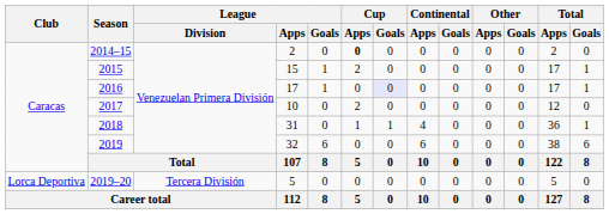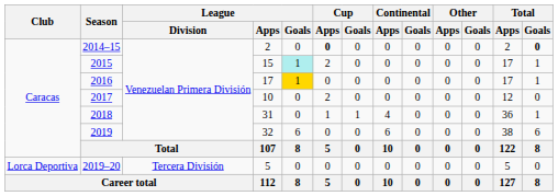 <table class="wikitable" style="text-align: center">
 <tr>
 <th rowspan="2">Club</th>
 <th rowspan="2">Season</th>
 <th colspan="3">League</th>
 <th colspan="2">Cup</th>
 <th colspan="2">Continental</th>
 <th colspan="2">Other</th>
 <th colspan="2">Total</th>
 </tr>
 <tr>
 <th>Division</th>
 <th>Apps</th>
 <th>Goals</th>
 <th>Apps</th>
 <th>Goals</th>
 <th>Apps</th>
 <th>Goals</th>
 <th>Apps</th>
 <th>Goals</th>
 <th>Apps</th>
 <th>Goals</th>
 </tr>
 <tr>
 <td rowspan="7"><a href='#'>Caracas</a></td>
 <td><a href='#'>2014–15</a></td>
 <td rowspan="6"><a href='#'>Venezuelan Primera División</a></td>
 <td>2</td>
 <td>0</td>
 <td><strong>0</strong></td>
 <td>0</td>
 <td>0</td>
 <td>0</td>
 <td>0</td>
 <td>0</td>
 <td>2</td>
-<td>0</td>
+<td><strong>0</strong></td>
 </tr>
 <tr>
 <td><a href='#'>2015</a></td>
 <td>15</td>
-<td>1</td>
+<td style="background: paleturquoise;">1</td>
 <td>2</td>
 <td>0</td>
 <td>0</td>
 <td>0</td>
 <td>0</td>
 <td>0</td>
 <td>17</td>
 <td>1</td>
 </tr>
 <tr>
 <td><a href='#'>2016</a></td>
 <td>17</td>
-<td>1</td>
+<td style="background: gold;">1</td>
 <td>0</td>
-<td style="background: lavender;">0</td>
+<td>0</td>
 <td>0</td>
 <td>0</td>
 <td>0</td>
 <td>0</td>
 <td>17</td>
 <td>1</td>
 </tr>
 <tr>
 <td><a href='#'>2017</a></td>
 <td>10</td>
 <td>0</td>
 <td>2</td>
 <td>0</td>
 <td>0</td>
 <td>0</td>
 <td>0</td>
 <td>0</td>
 <td>12</td>
 <td>0</td>
 </tr>
 <tr>
 <td><a href='#'>2018</a></td>
 <td>31</td>
 <td>0</td>
 <td>1</td>
 <td>1</td>
 <td>4</td>
 <td>0</td>
 <td>0</td>
 <td>0</td>
 <td>36</td>
 <td>1</td>
 </tr>
 <tr>
 <td><a href='#'>2019</a></td>
 <td>32</td>
 <td>6</td>
 <td>0</td>
 <td>0</td>
 <td>6</td>
 <td>0</td>
 <td>0</td>
 <td>0</td>
 <td>38</td>
 <td>6</td>
 </tr>
 <tr>
 <th colspan="2"><strong>Total</strong></th>
 <th>107</th>
 <th>8</th>
 <th>5</th>
 <th>0</th>
 <th>10</th>
 <th>0</th>
 <th>0</th>
 <th>0</th>
 <th>122</th>
 <th>8</th>
 </tr>
 <tr>
 <td><a href='#'>Lorca Deportiva</a></td>
 <td><a href='#'>2019–20</a></td>
 <td><a href='#'>Tercera División</a></td>
 <td>5</td>
 <td>0</td>
 <td>0</td>
 <td>0</td>
 <td>0</td>
 <td>0</td>
 <td>0</td>
 <td>0</td>
 <td>5</td>
 <td>0</td>
 </tr>
 <tr>
 <th colspan="3"><strong>Career total</strong></th>
 <th>112</th>
 <th>8</th>
 <th>5</th>
 <th>0</th>
 <th>10</th>
 <th>0</th>
 <th>0</th>
 <th>0</th>
 <th>127</th>
 <th>8</th>
 </tr>
 </table>
